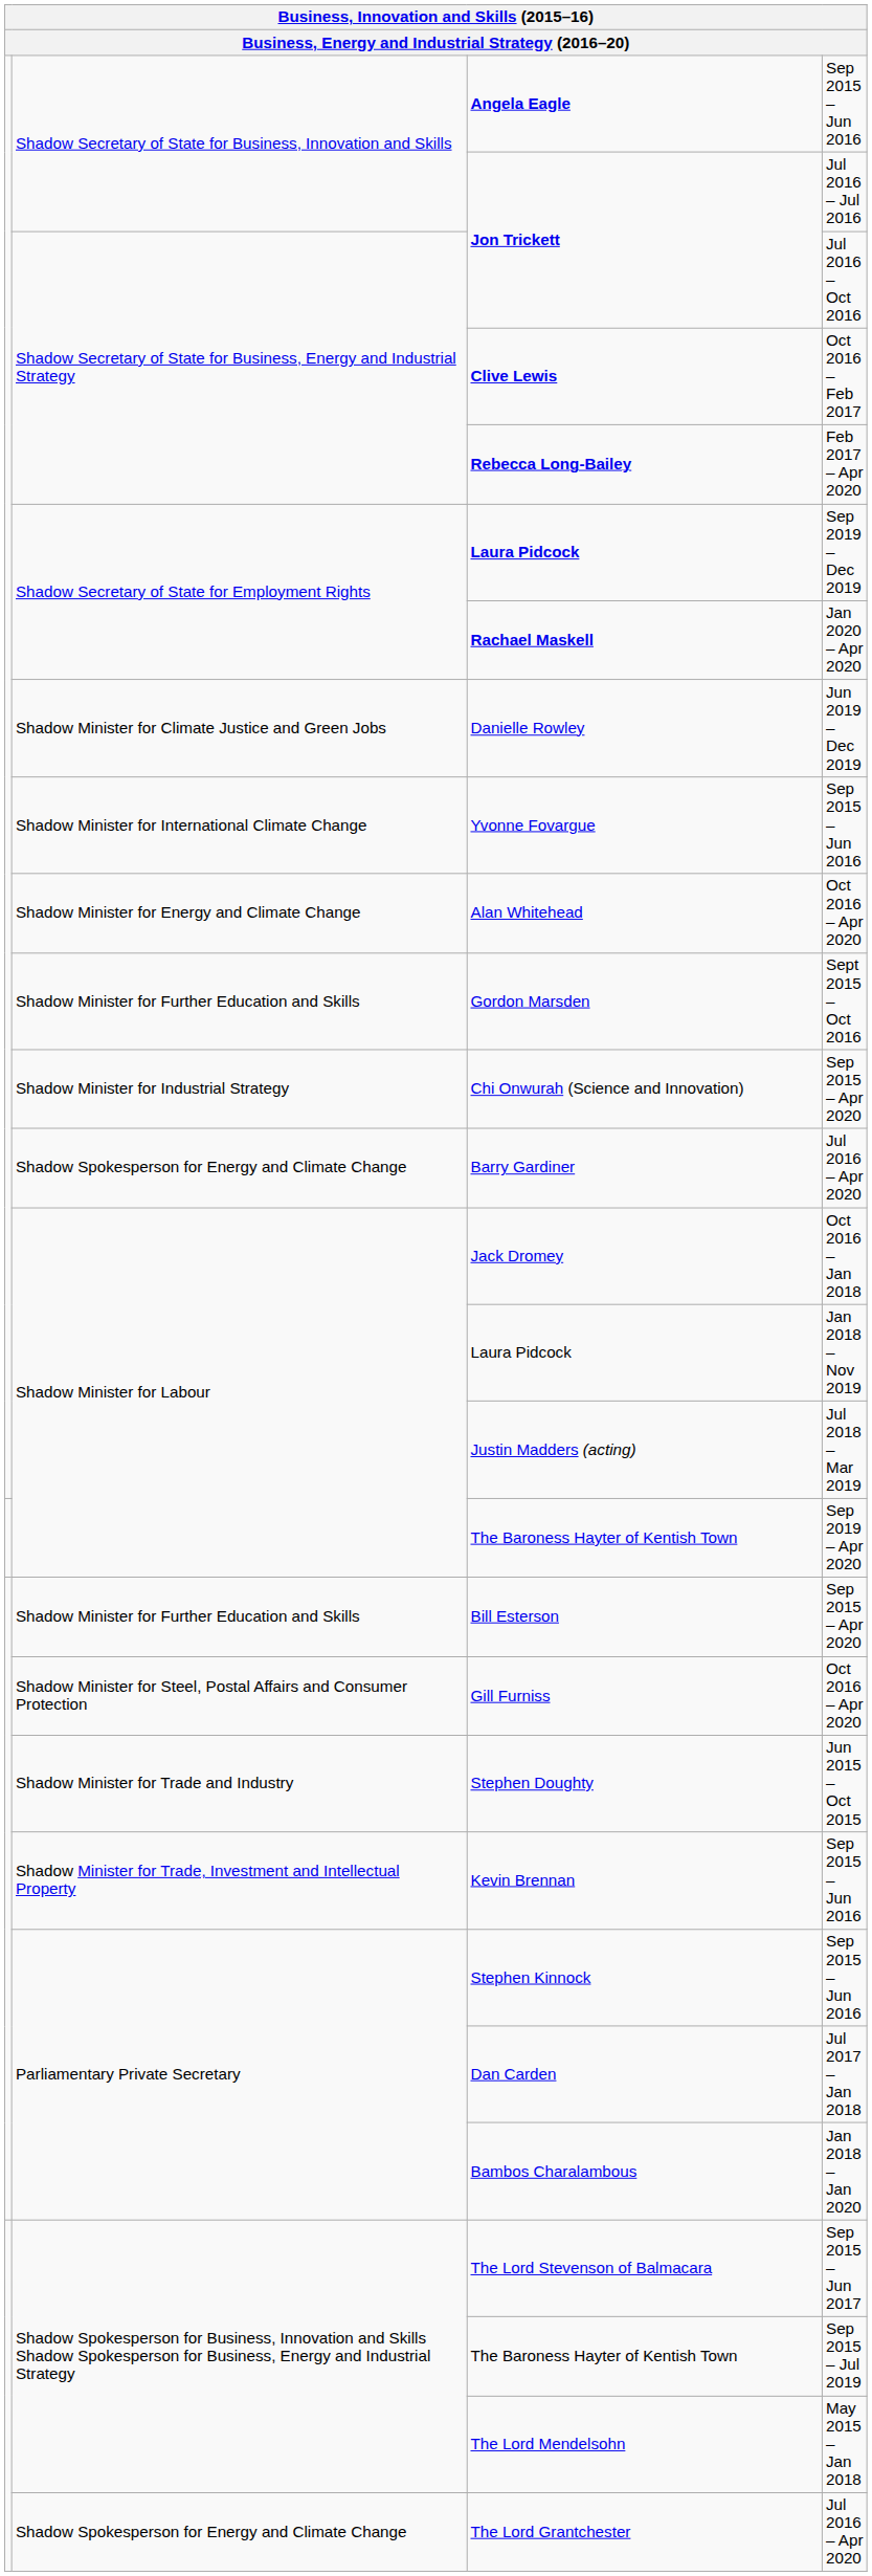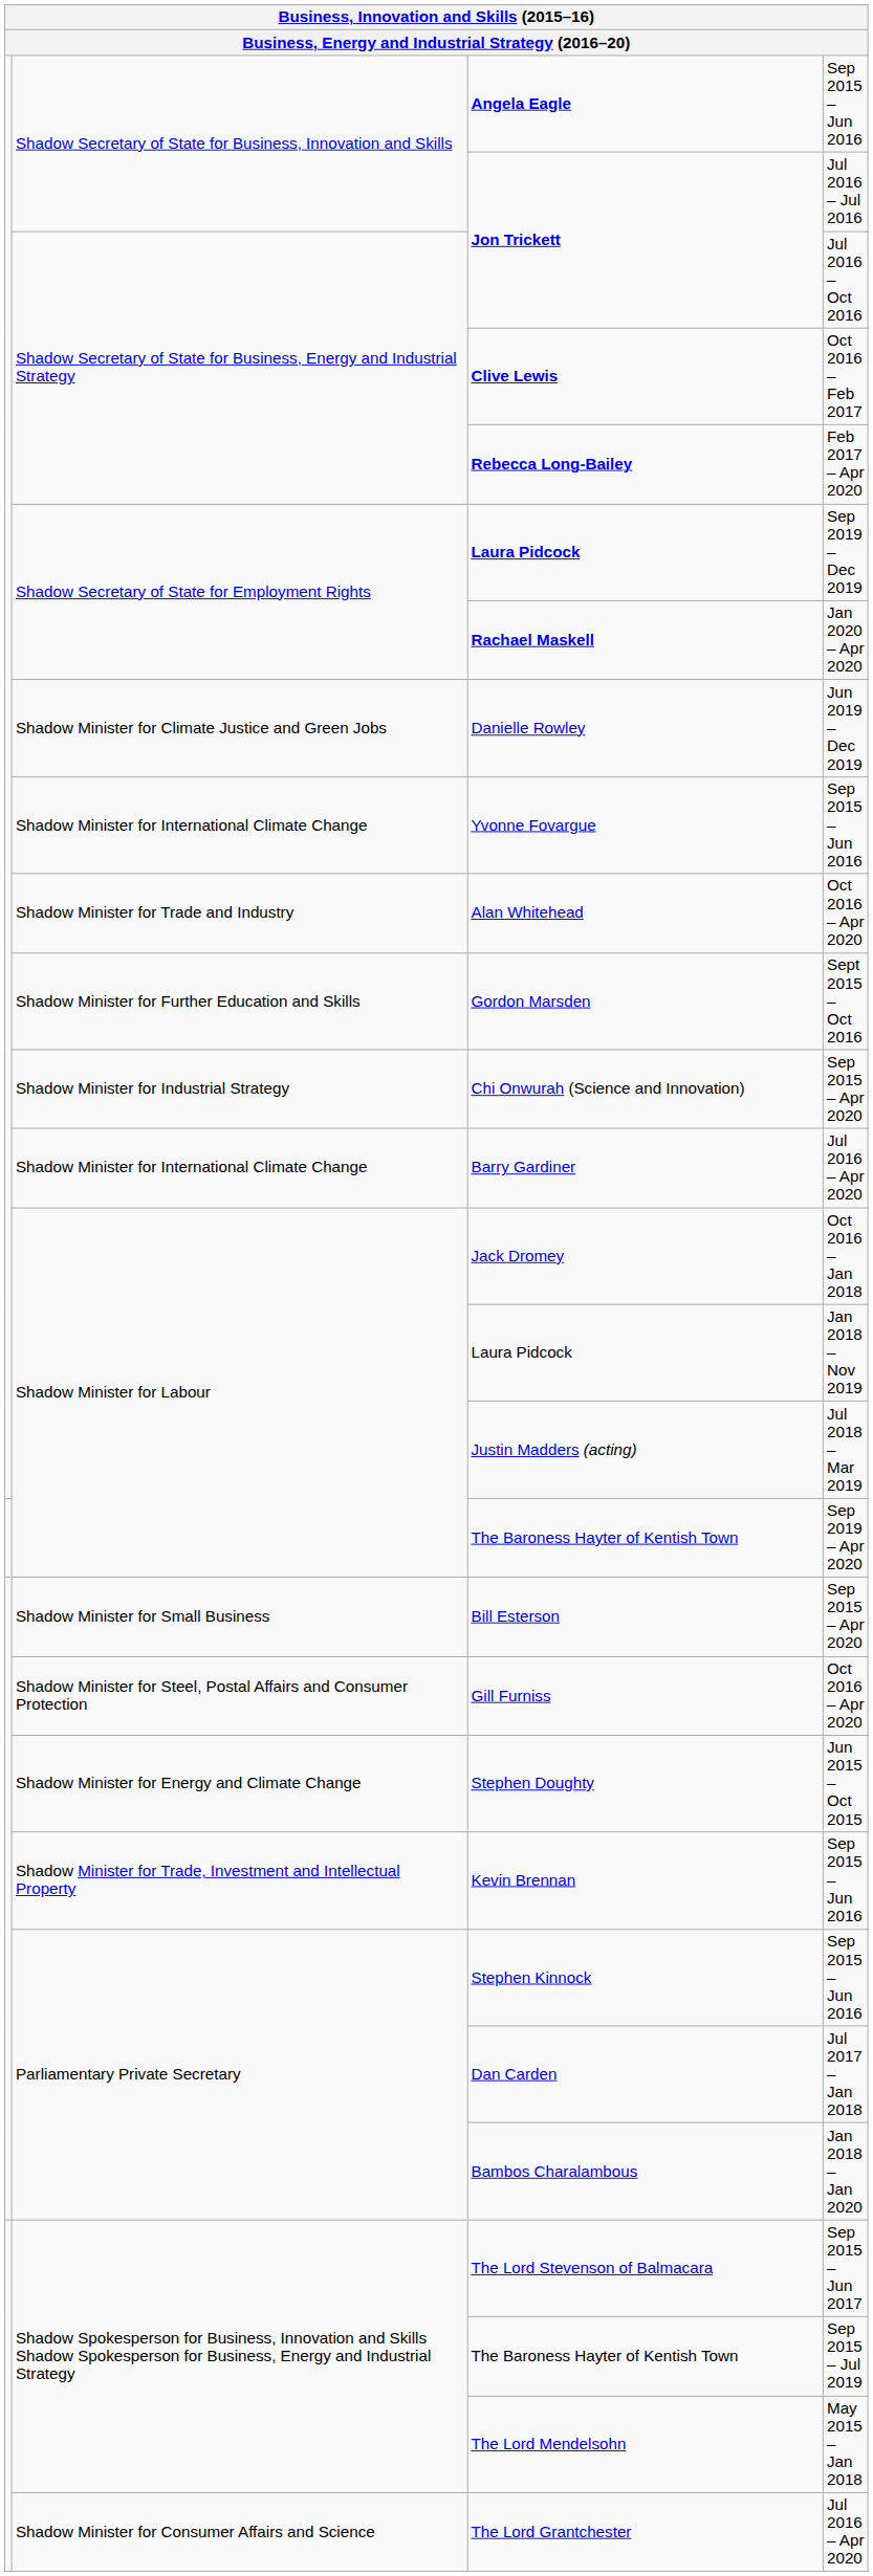 <table class="wikitable">
 <tr>
 <th colspan="4"><a href='#'>Business, Innovation and Skills</a> (2015–16)</th>
 </tr>
 <tr>
 <th colspan="4"><a href='#'>Business, Energy and Industrial Strategy</a> (2016–20)</th>
 </tr>
 <tr>
 <td rowspan="16" style="background: "></td>
 <td rowspan="2" style="width: 450px;"><a href='#'>Shadow Secretary of State for Business, Innovation and Skills</a></td>
 <td style="width: 350px;"><strong><a href='#'>Angela Eagle</a></strong></td>
 <td>Sep 2015 – Jun 2016</td>
 </tr>
 <tr>
 <td rowspan="2"><strong><a href='#'>Jon Trickett</a></strong></td>
 <td>Jul 2016 – Jul 2016</td>
 </tr>
 <tr>
 <td rowspan="3"><a href='#'>Shadow Secretary of State for Business, Energy and Industrial Strategy</a></td>
 <td>Jul 2016 – Oct 2016</td>
 </tr>
 <tr>
 <td><strong><a href='#'>Clive Lewis</a></strong></td>
 <td>Oct 2016 – Feb 2017</td>
 </tr>
 <tr>
 <td><strong><a href='#'>Rebecca Long-Bailey</a></strong></td>
 <td>Feb 2017 – Apr 2020</td>
 </tr>
 <tr>
 <td rowspan="2"><a href='#'>Shadow Secretary of State for Employment Rights</a></td>
 <td><strong><a href='#'>Laura Pidcock</a></strong></td>
 <td>Sep 2019 – Dec 2019</td>
 </tr>
 <tr>
 <td><strong><a href='#'>Rachael Maskell</a></strong></td>
 <td>Jan 2020 – Apr 2020</td>
 </tr>
 <tr>
 <td>Shadow Minister for Climate Justice and Green Jobs</td>
 <td><a href='#'>Danielle Rowley</a></td>
 <td>Jun 2019 – Dec 2019</td>
 </tr>
 <tr>
 <td>Shadow Minister for International Climate Change</td>
 <td><a href='#'>Yvonne Fovargue</a></td>
 <td>Sep 2015 – Jun 2016</td>
 </tr>
 <tr>
-<td>Shadow Minister for Energy and Climate Change</td>
+<td>Shadow Minister for Trade and Industry</td>
 <td><a href='#'>Alan Whitehead</a></td>
 <td>Oct 2016 – Apr 2020</td>
 </tr>
 <tr>
 <td rowspan="1">Shadow Minister for Further Education and Skills</td>
 <td><a href='#'>Gordon Marsden</a></td>
 <td>Sept 2015 – Oct 2016</td>
 </tr>
 <tr>
 <td>Shadow Minister for Industrial Strategy</td>
 <td><a href='#'>Chi Onwurah</a> (Science and Innovation)</td>
 <td>Sep 2015 – Apr 2020</td>
 </tr>
 <tr>
-<td>Shadow Spokesperson for Energy and Climate Change</td>
+<td>Shadow Minister for International Climate Change</td>
 <td><a href='#'>Barry Gardiner</a></td>
 <td>Jul 2016 – Apr 2020</td>
 </tr>
 <tr>
 <td rowspan="4">Shadow Minister for Labour</td>
 <td><a href='#'>Jack Dromey</a></td>
 <td>Oct 2016 – Jan 2018</td>
 </tr>
 <tr>
 <td>Laura Pidcock</td>
 <td>Jan 2018 – Nov 2019</td>
 </tr>
 <tr>
 <td><a href='#'>Justin Madders</a> <em>(acting)</em></td>
 <td>Jul 2018 – Mar 2019</td>
 </tr>
 <tr>
 <td style="background: "></td>
 <td><a href='#'>The Baroness Hayter of Kentish Town</a></td>
 <td>Sep 2019 – Apr 2020</td>
 </tr>
 <tr>
 <td rowspan="7" style="background: "></td>
-<td rowspan="1">Shadow Minister for Further Education and Skills</td>
+<td rowspan="1">Shadow Minister for Small Business</td>
 <td><a href='#'>Bill Esterson</a></td>
 <td>Sep 2015 – Apr 2020</td>
 </tr>
 <tr>
 <td>Shadow Minister for Steel, Postal Affairs and Consumer Protection</td>
 <td><a href='#'>Gill Furniss</a></td>
 <td>Oct 2016 – Apr 2020</td>
 </tr>
 <tr>
-<td>Shadow Minister for Trade and Industry</td>
+<td>Shadow Minister for Energy and Climate Change</td>
 <td><a href='#'>Stephen Doughty</a></td>
 <td>Jun 2015 – Oct 2015</td>
 </tr>
 <tr>
 <td>Shadow <a href='#'>Minister for Trade, Investment and Intellectual Property</a></td>
 <td><a href='#'>Kevin Brennan</a></td>
 <td>Sep 2015 – Jun 2016</td>
 </tr>
 <tr>
 <td rowspan="3">Parliamentary Private Secretary</td>
 <td><a href='#'>Stephen Kinnock</a></td>
 <td>Sep 2015 – Jun 2016</td>
 </tr>
 <tr>
 <td><a href='#'>Dan Carden</a></td>
 <td>Jul 2017 – Jan 2018</td>
 </tr>
 <tr>
 <td><a href='#'>Bambos Charalambous</a></td>
 <td>Jan 2018 – Jan 2020</td>
 </tr>
 <tr>
 <td rowspan="5" style="background: "></td>
 <td rowspan="3">Shadow Spokesperson for Business, Innovation and Skills<br>Shadow Spokesperson for Business, Energy and Industrial Strategy</td>
 <td><a href='#'>The Lord Stevenson of Balmacara</a></td>
 <td>Sep 2015 – Jun 2017</td>
 </tr>
 <tr>
 <td>The Baroness Hayter of Kentish Town</td>
 <td>Sep 2015 – Jul 2019</td>
 </tr>
 <tr>
 <td><a href='#'>The Lord Mendelsohn</a></td>
 <td>May 2015 – Jan 2018</td>
 </tr>
 <tr>
-<td>Shadow Spokesperson for Energy and Climate Change</td>
+<td>Shadow Minister for Consumer Affairs and Science</td>
 <td><a href='#'>The Lord Grantchester</a></td>
 <td>Jul 2016 – Apr 2020</td>
 </tr>
 </table>
